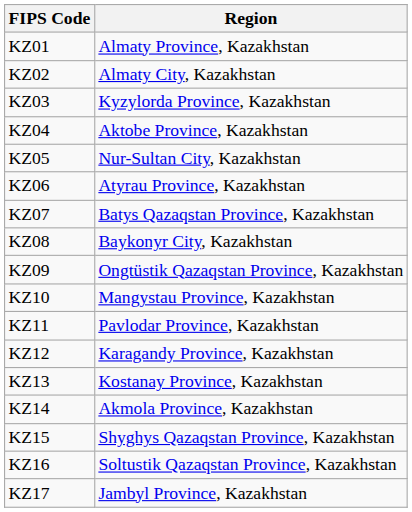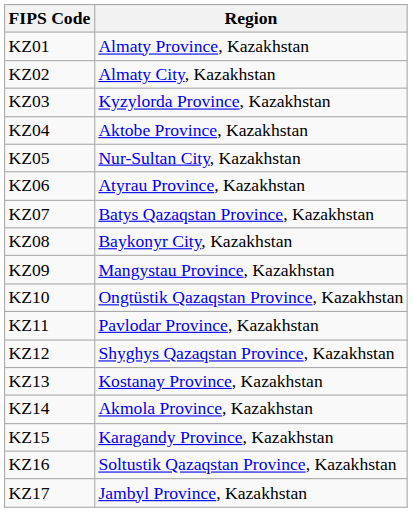 <table class="wikitable">
 <tr>
 <th>FIPS Code</th>
 <th>Region</th>
 </tr>
 <tr>
 <td>KZ01</td>
 <td><a href='#'>Almaty Province</a>, Kazakhstan</td>
 </tr>
 <tr>
 <td>KZ02</td>
 <td><a href='#'>Almaty City</a>, Kazakhstan</td>
 </tr>
 <tr>
 <td>KZ03</td>
 <td><a href='#'>Kyzylorda Province</a>, Kazakhstan</td>
 </tr>
 <tr>
 <td>KZ04</td>
 <td><a href='#'>Aktobe Province</a>, Kazakhstan</td>
 </tr>
 <tr>
 <td>KZ05</td>
 <td><a href='#'>Nur-Sultan City</a>, Kazakhstan</td>
 </tr>
 <tr>
 <td>KZ06</td>
 <td><a href='#'>Atyrau Province</a>, Kazakhstan</td>
 </tr>
 <tr>
 <td>KZ07</td>
 <td><a href='#'>Batys Qazaqstan Province</a>, Kazakhstan</td>
 </tr>
 <tr>
 <td>KZ08</td>
 <td><a href='#'>Baykonyr City</a>, Kazakhstan</td>
 </tr>
 <tr>
 <td>KZ09</td>
-<td><a href='#'>Ongtüstik Qazaqstan Province</a>, Kazakhstan</td>
+<td><a href='#'>Mangystau Province</a>, Kazakhstan</td>
 </tr>
 <tr>
 <td>KZ10</td>
-<td><a href='#'>Mangystau Province</a>, Kazakhstan</td>
+<td><a href='#'>Ongtüstik Qazaqstan Province</a>, Kazakhstan</td>
 </tr>
 <tr>
 <td>KZ11</td>
 <td><a href='#'>Pavlodar Province</a>, Kazakhstan</td>
 </tr>
 <tr>
 <td>KZ12</td>
-<td><a href='#'>Karagandy Province</a>, Kazakhstan</td>
+<td><a href='#'>Shyghys Qazaqstan Province</a>, Kazakhstan</td>
 </tr>
 <tr>
 <td>KZ13</td>
 <td><a href='#'>Kostanay Province</a>, Kazakhstan</td>
 </tr>
 <tr>
 <td>KZ14</td>
 <td><a href='#'>Akmola Province</a>, Kazakhstan</td>
 </tr>
 <tr>
 <td>KZ15</td>
-<td><a href='#'>Shyghys Qazaqstan Province</a>, Kazakhstan</td>
+<td><a href='#'>Karagandy Province</a>, Kazakhstan</td>
 </tr>
 <tr>
 <td>KZ16</td>
 <td><a href='#'>Soltustik Qazaqstan Province</a>, Kazakhstan</td>
 </tr>
 <tr>
 <td>KZ17</td>
 <td><a href='#'>Jambyl Province</a>, Kazakhstan</td>
 </tr>
 </table>
